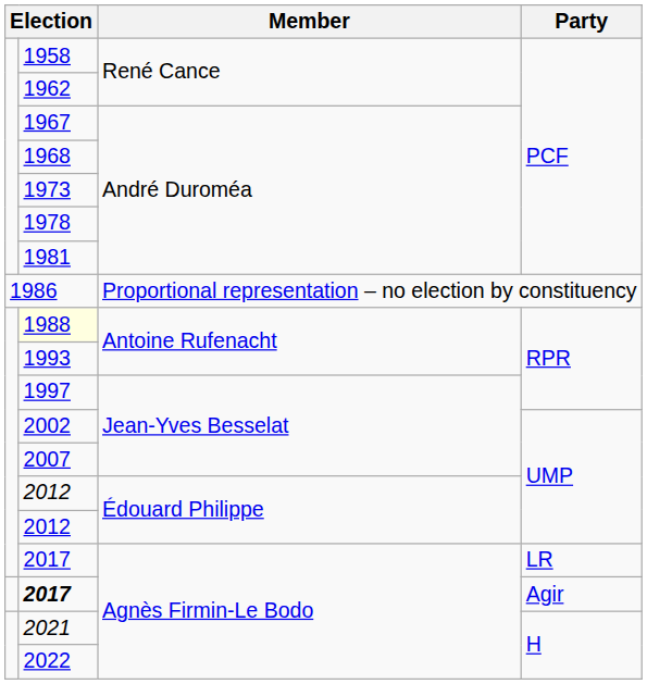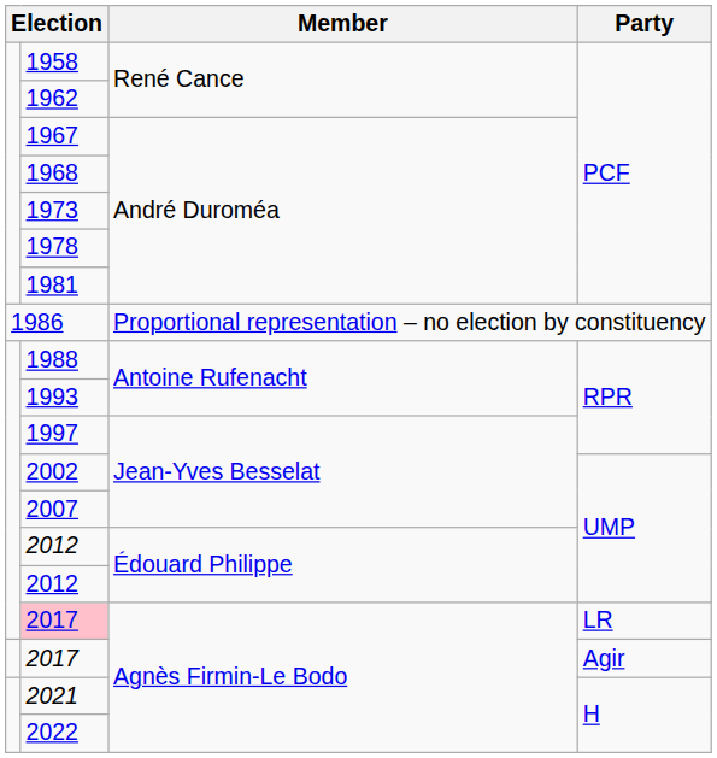 <table class="wikitable">
 <tr>
 <th colspan="2">Election</th>
 <th>Member</th>
 <th>Party</th>
 </tr>
 <tr>
 <td rowspan="7" style="color:inherit;background:"></td>
 <td><a href='#'>1958</a></td>
 <td rowspan="2">René Cance</td>
 <td rowspan="7"><a href='#'>PCF</a></td>
 </tr>
 <tr>
 <td><a href='#'>1962</a></td>
 </tr>
 <tr>
 <td><a href='#'>1967</a></td>
 <td rowspan="5">André Duroméa</td>
 </tr>
 <tr>
 <td><a href='#'>1968</a></td>
 </tr>
 <tr>
 <td><a href='#'>1973</a></td>
 </tr>
 <tr>
 <td><a href='#'>1978</a></td>
 </tr>
 <tr>
 <td><a href='#'>1981</a></td>
 </tr>
 <tr>
 <td colspan="2"><a href='#'>1986</a></td>
 <td colspan="2"><a href='#'>Proportional representation</a> – no election by constituency</td>
 </tr>
 <tr>
 <td rowspan="8" style="color:inherit;background:"></td>
-<td style="background: lightyellow;"><a href='#'>1988</a></td>
+<td><a href='#'>1988</a></td>
 <td rowspan="2"><a href='#'>Antoine Rufenacht</a></td>
 <td rowspan="3"><a href='#'>RPR</a></td>
 </tr>
 <tr>
 <td><a href='#'>1993</a></td>
 </tr>
 <tr>
 <td><a href='#'>1997</a></td>
 <td rowspan="3"><a href='#'>Jean-Yves Besselat</a></td>
 </tr>
 <tr>
 <td><a href='#'>2002</a></td>
 <td rowspan="4"><a href='#'>UMP</a></td>
 </tr>
 <tr>
 <td><a href='#'>2007</a></td>
 </tr>
 <tr>
 <td><em>2012</em></td>
 <td rowspan="2"><a href='#'>Édouard Philippe</a></td>
 </tr>
 <tr>
 <td><a href='#'>2012</a></td>
 </tr>
 <tr>
-<td><a href='#'>2017</a></td>
+<td style="background: pink;"><a href='#'>2017</a></td>
 <td rowspan="4"><a href='#'>Agnès Firmin-Le Bodo</a></td>
 <td><a href='#'>LR</a></td>
 </tr>
 <tr>
 <td style="color:inherit;background:"></td>
-<td><strong><em>2017</em></strong></td>
+<td><em>2017</em></td>
 <td><a href='#'>Agir</a></td>
 </tr>
 <tr>
 <td rowspan="2" style="color:inherit;background:"></td>
 <td><em>2021</em></td>
 <td rowspan="2"><a href='#'>H</a></td>
 </tr>
 <tr>
 <td><a href='#'>2022</a></td>
 </tr>
 </table>
